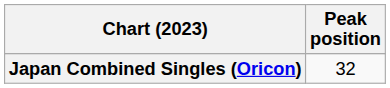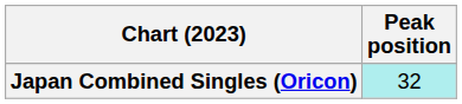 <table class="wikitable sortable plainrowheaders" style="text-align:center">
 <tr>
 <th scope="col">Chart (2023)</th>
 <th scope="col">Peak<br>position</th>
 </tr>
 <tr>
 </tr>
 <tr>
 <th scope="row">Japan Combined Singles (<a href='#'>Oricon</a>)</th>
-<td>32</td>
+<td style="background: paleturquoise;">32</td>
 </tr>
 </table>
